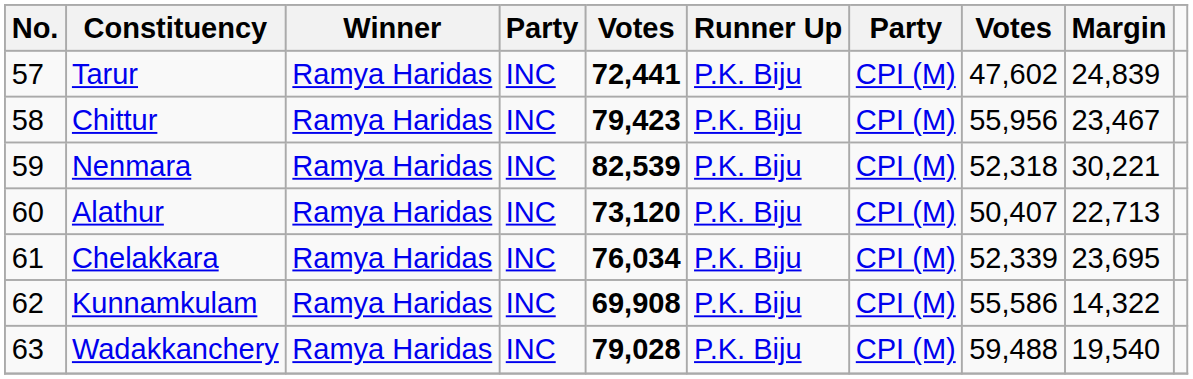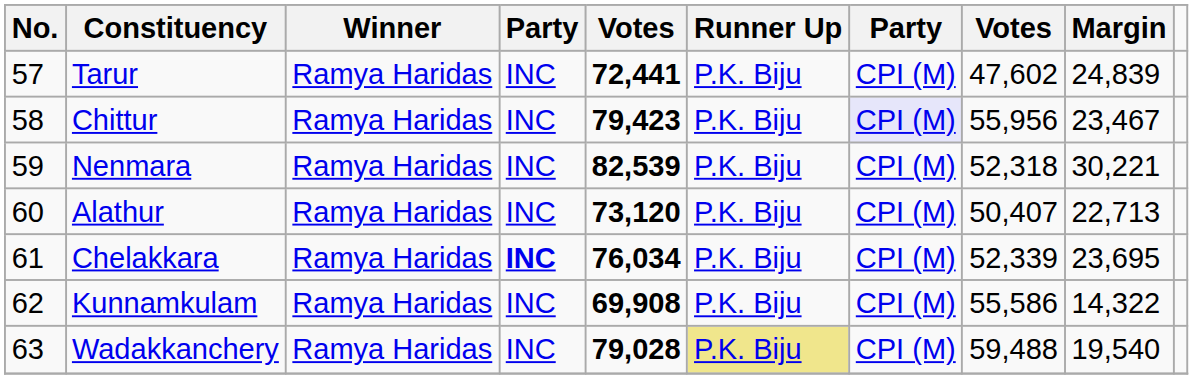 <table class="wikitable sortable" style="font-size:95%;">
 <tr style="background:#ccc; text-align:center;">
 <th>No.</th>
 <th>Constituency</th>
 <th>Winner</th>
 <th>Party</th>
 <th>Votes</th>
 <th>Runner Up</th>
 <th>Party</th>
 <th>Votes</th>
 <th>Margin</th>
 </tr>
 <tr>
 <td>57</td>
 <td><a href='#'>Tarur</a></td>
 <td><a href='#'>Ramya Haridas</a></td>
 <td><a href='#'>INC</a></td>
 <td><strong>72,441</strong></td>
 <td><a href='#'>P.K. Biju</a></td>
 <td><a href='#'>CPI (M)</a></td>
 <td>47,602</td>
 <td>24,839</td>
 <td></td>
 </tr>
 <tr>
 <td>58</td>
 <td><a href='#'>Chittur</a></td>
 <td><a href='#'>Ramya Haridas</a></td>
 <td><a href='#'>INC</a></td>
 <td><strong>79,423</strong></td>
 <td><a href='#'>P.K. Biju</a></td>
-<td><a href='#'>CPI (M)</a></td>
+<td style="background: lavender;"><a href='#'>CPI (M)</a></td>
 <td>55,956</td>
 <td>23,467</td>
 <td></td>
 </tr>
 <tr>
 <td>59</td>
 <td><a href='#'>Nenmara</a></td>
 <td><a href='#'>Ramya Haridas</a></td>
 <td><a href='#'>INC</a></td>
 <td><strong>82,539</strong></td>
 <td><a href='#'>P.K. Biju</a></td>
 <td><a href='#'>CPI (M)</a></td>
 <td>52,318</td>
 <td>30,221</td>
 <td></td>
 </tr>
 <tr>
 <td>60</td>
 <td><a href='#'>Alathur </a></td>
 <td><a href='#'>Ramya Haridas</a></td>
 <td><a href='#'>INC</a></td>
 <td><strong>73,120</strong></td>
 <td><a href='#'>P.K. Biju</a></td>
 <td><a href='#'>CPI (M)</a></td>
 <td>50,407</td>
 <td>22,713</td>
 <td></td>
 </tr>
 <tr>
 <td>61</td>
 <td><a href='#'>Chelakkara </a></td>
 <td><a href='#'>Ramya Haridas</a></td>
-<td><a href='#'>INC</a></td>
+<td><strong><a href='#'>INC</a></strong></td>
 <td><strong>76,034</strong></td>
 <td><a href='#'>P.K. Biju</a></td>
 <td><a href='#'>CPI (M)</a></td>
 <td>52,339</td>
 <td>23,695</td>
 <td></td>
 </tr>
 <tr>
 <td>62</td>
 <td><a href='#'>Kunnamkulam </a></td>
 <td><a href='#'>Ramya Haridas</a></td>
 <td><a href='#'>INC</a></td>
 <td><strong>69,908</strong></td>
 <td><a href='#'>P.K. Biju</a></td>
 <td><a href='#'>CPI (M)</a></td>
 <td>55,586</td>
 <td>14,322</td>
 <td></td>
 </tr>
 <tr>
 <td>63</td>
 <td><a href='#'>Wadakkanchery </a></td>
 <td><a href='#'>Ramya Haridas</a></td>
 <td><a href='#'>INC</a></td>
 <td><strong>79,028</strong></td>
-<td><a href='#'>P.K. Biju</a></td>
+<td style="background: khaki;"><a href='#'>P.K. Biju</a></td>
 <td><a href='#'>CPI (M)</a></td>
 <td>59,488</td>
 <td>19,540</td>
 <td></td>
 </tr>
 <tr>
 </tr>
 </table>
